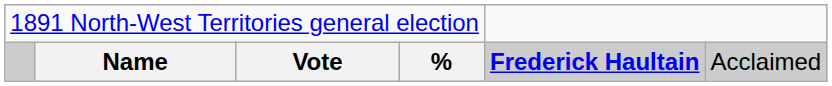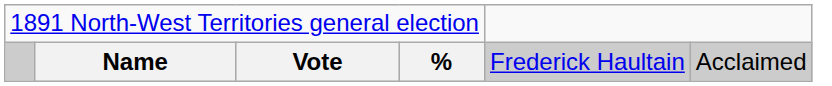 <table class="wikitable">
 <tr>
 <td colspan=4 align=center><a href='#'>1891 North-West Territories general election</a></td>
 </tr>
 <tr bgcolor="CCCCCC">
 <td></td>
 <th>Name</th>
 <th>Vote</th>
 <th>%<br></th>
-<td><strong><a href='#'>Frederick Haultain</a></strong></td>
+<td><a href='#'>Frederick Haultain</a></td>
 <td colspan="2" align=center>Acclaimed</td>
 </tr>
 </table>
